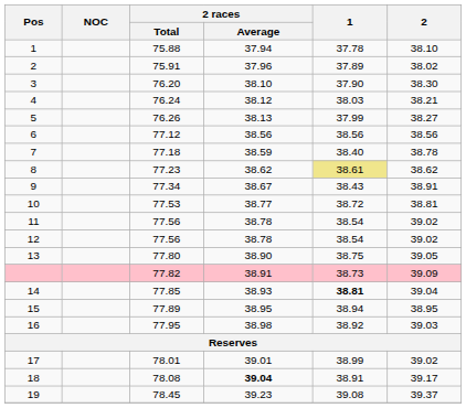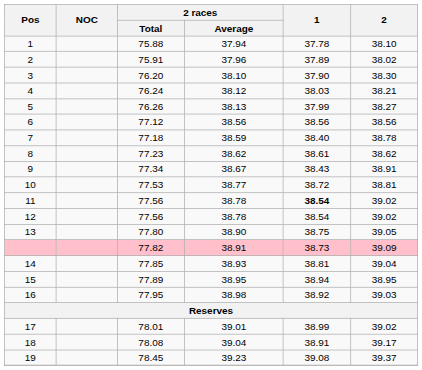 <table class="wikitable" width=600 style="text-align:center; font-size:90%">
 <tr>
 <th rowspan=2>Pos</th>
 <th rowspan=2>NOC</th>
 <th colspan=2>2 races</th>
 <th rowspan=2>1</th>
 <th rowspan=2>2</th>
 </tr>
 <tr>
 <th>Total</th>
 <th>Average</th>
 </tr>
 <tr>
 <td>1</td>
 <td align="left"></td>
 <td>75.88</td>
 <td>37.94</td>
 <td>37.78</td>
 <td>38.10</td>
 </tr>
 <tr>
 <td>2</td>
 <td align="left"></td>
 <td>75.91</td>
 <td>37.96</td>
 <td>37.89</td>
 <td>38.02</td>
 </tr>
 <tr>
 <td>3</td>
 <td align="left"></td>
 <td>76.20</td>
 <td>38.10</td>
 <td>37.90</td>
 <td>38.30</td>
 </tr>
 <tr>
 <td>4</td>
 <td align="left"></td>
 <td>76.24</td>
 <td>38.12</td>
 <td>38.03</td>
 <td>38.21</td>
 </tr>
 <tr>
 <td>5</td>
 <td align="left"></td>
 <td>76.26</td>
 <td>38.13</td>
 <td>37.99</td>
 <td>38.27</td>
 </tr>
 <tr>
 <td>6</td>
 <td align="left"></td>
 <td>77.12</td>
 <td>38.56</td>
 <td>38.56</td>
 <td>38.56</td>
 </tr>
 <tr>
 <td>7</td>
 <td align="left"></td>
 <td>77.18</td>
 <td>38.59</td>
 <td>38.40</td>
 <td>38.78</td>
 </tr>
 <tr>
 <td>8</td>
 <td align="left"></td>
 <td>77.23</td>
 <td>38.62</td>
-<td style="background: khaki;">38.61</td>
+<td>38.61</td>
 <td>38.62</td>
 </tr>
 <tr>
 <td>9</td>
 <td align="left"></td>
 <td>77.34</td>
 <td>38.67</td>
 <td>38.43</td>
 <td>38.91</td>
 </tr>
 <tr>
 <td>10</td>
 <td align="left"></td>
 <td>77.53</td>
 <td>38.77</td>
 <td>38.72</td>
 <td>38.81</td>
 </tr>
 <tr>
 <td>11</td>
 <td align="left"></td>
 <td>77.56</td>
 <td>38.78</td>
-<td>38.54</td>
+<td><strong>38.54</strong></td>
 <td>39.02</td>
 </tr>
 <tr>
 <td>12</td>
 <td align="left"></td>
 <td>77.56</td>
 <td>38.78</td>
 <td>38.54</td>
 <td>39.02</td>
 </tr>
 <tr>
 <td>13</td>
 <td align="left"></td>
 <td>77.80</td>
 <td>38.90</td>
 <td>38.75</td>
 <td>39.05</td>
 </tr>
 <tr bgcolor=#FFC0CB>
 <td></td>
 <td align="left"></td>
 <td>77.82</td>
 <td>38.91</td>
 <td>38.73</td>
 <td>39.09</td>
 </tr>
 <tr>
 <td>14</td>
 <td align="left"></td>
 <td>77.85</td>
 <td>38.93</td>
-<td><strong>38.81</strong></td>
+<td>38.81</td>
 <td>39.04</td>
 </tr>
 <tr>
 <td>15</td>
 <td align="left"></td>
 <td>77.89</td>
 <td>38.95</td>
 <td>38.94</td>
 <td>38.95</td>
 </tr>
 <tr>
 <td>16</td>
 <td align="left"></td>
 <td>77.95</td>
 <td>38.98</td>
 <td>38.92</td>
 <td>39.03</td>
 </tr>
 <tr>
 <th colspan=6>Reserves</th>
 </tr>
 <tr>
 <td>17</td>
 <td align="left"></td>
 <td>78.01</td>
 <td>39.01</td>
 <td>38.99</td>
 <td>39.02</td>
 </tr>
 <tr>
 <td>18</td>
 <td align="left"></td>
 <td>78.08</td>
-<td><strong>39.04</strong></td>
+<td>39.04</td>
 <td>38.91</td>
 <td>39.17</td>
 </tr>
 <tr>
 <td>19</td>
 <td align="left"></td>
 <td>78.45</td>
 <td>39.23</td>
 <td>39.08</td>
 <td>39.37</td>
 </tr>
 <tr>
 </tr>
 </table>
